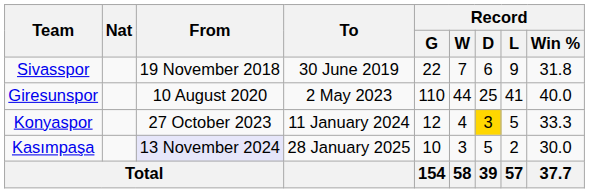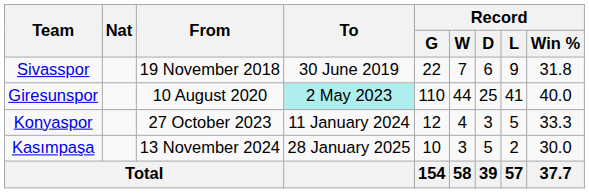 <table class="wikitable" style="text-align:center">
 <tr>
 <th rowspan=2>Team</th>
 <th rowspan=2>Nat</th>
 <th rowspan=2>From</th>
 <th rowspan=2>To</th>
 <th colspan=5>Record</th>
 </tr>
 <tr>
 <th>G</th>
 <th>W</th>
 <th>D</th>
 <th>L</th>
 <th>Win %</th>
 </tr>
 <tr>
 <td><a href='#'>Sivasspor</a></td>
 <td></td>
 <td>19 November 2018</td>
 <td>30 June 2019</td>
 <td>22</td>
 <td>7</td>
 <td>6</td>
 <td>9</td>
 <td>31.8</td>
 </tr>
 <tr>
 <td><a href='#'>Giresunspor</a></td>
 <td></td>
 <td>10 August 2020</td>
-<td>2 May 2023</td>
+<td style="background: paleturquoise;">2 May 2023</td>
 <td>110</td>
 <td>44</td>
 <td>25</td>
 <td>41</td>
 <td>40.0</td>
 </tr>
 <tr>
 <td><a href='#'>Konyaspor</a></td>
 <td></td>
 <td>27 October 2023</td>
 <td>11 January 2024</td>
 <td>12</td>
 <td>4</td>
-<td style="background: gold;">3</td>
+<td>3</td>
 <td>5</td>
 <td>33.3</td>
 </tr>
 <tr>
 <td><a href='#'>Kasımpaşa</a></td>
 <td></td>
-<td style="background: lavender;">13 November 2024</td>
+<td>13 November 2024</td>
 <td>28 January 2025</td>
 <td>10</td>
 <td>3</td>
 <td>5</td>
 <td>2</td>
 <td>30.0</td>
 </tr>
 <tr>
 <th colspan=3>Total</th>
 <th></th>
 <th>154</th>
 <th>58</th>
 <th>39</th>
 <th>57</th>
 <th>37.7</th>
 </tr>
 </table>
